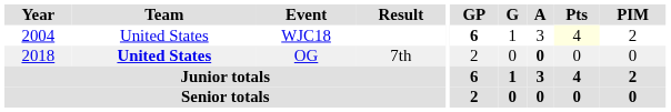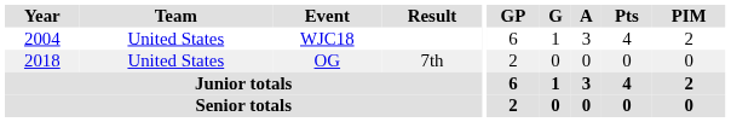 <table border="0" cellpadding="1" cellspacing="0" ID="Table3" style="text-align:center; width:40em">
 <tr ALIGN="center" bgcolor="#e0e0e0">
 <th>Year</th>
 <th>Team</th>
 <th>Event</th>
 <th>Result</th>
 <th rowspan="99" bgcolor="#ffffff"></th>
 <th>GP</th>
 <th>G</th>
 <th>A</th>
 <th>Pts</th>
 <th>PIM</th>
 </tr>
 <tr>
 <td><a href='#'>2004</a></td>
 <td><a href='#'>United States</a></td>
 <td><a href='#'>WJC18</a></td>
 <td></td>
-<td><strong>6</strong></td>
+<td>6</td>
 <td>1</td>
 <td>3</td>
-<td style="background: lightyellow;">4</td>
+<td>4</td>
 <td>2</td>
 </tr>
 <tr bgcolor="#f0f0f0">
 <td><a href='#'>2018</a></td>
-<td><strong><a href='#'>United States</a></strong></td>
+<td><a href='#'>United States</a></td>
 <td><a href='#'>OG</a></td>
 <td>7th</td>
 <td>2</td>
 <td>0</td>
-<td><strong>0</strong></td>
+<td>0</td>
 <td>0</td>
 <td>0</td>
 </tr>
 <tr bgcolor="#e0e0e0">
 <th colspan="4">Junior totals</th>
 <th>6</th>
 <th>1</th>
 <th>3</th>
 <th>4</th>
 <th>2</th>
 </tr>
 <tr bgcolor="#e0e0e0">
 <th colspan="4">Senior totals</th>
 <th>2</th>
 <th>0</th>
 <th>0</th>
 <th>0</th>
 <th>0</th>
 </tr>
 </table>
